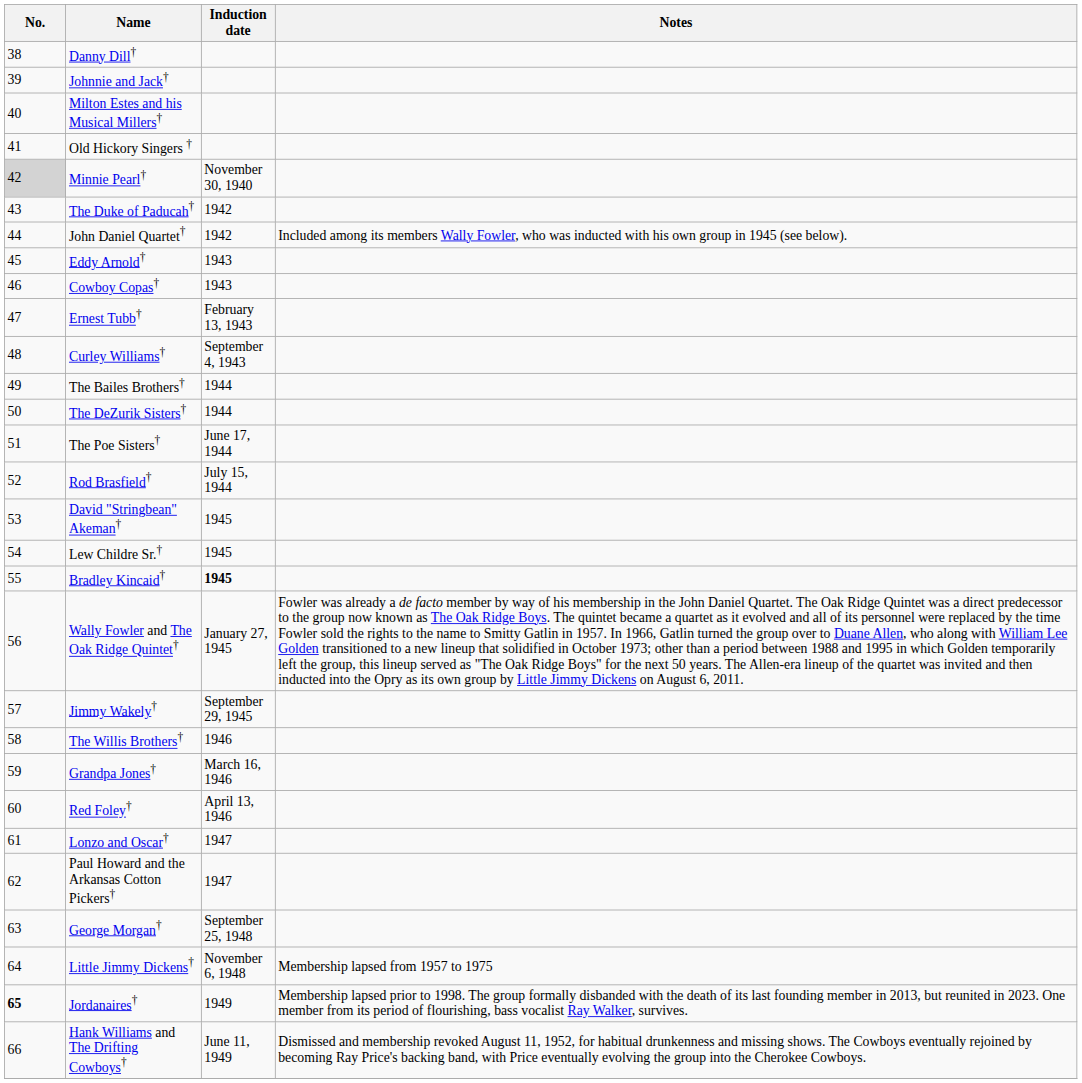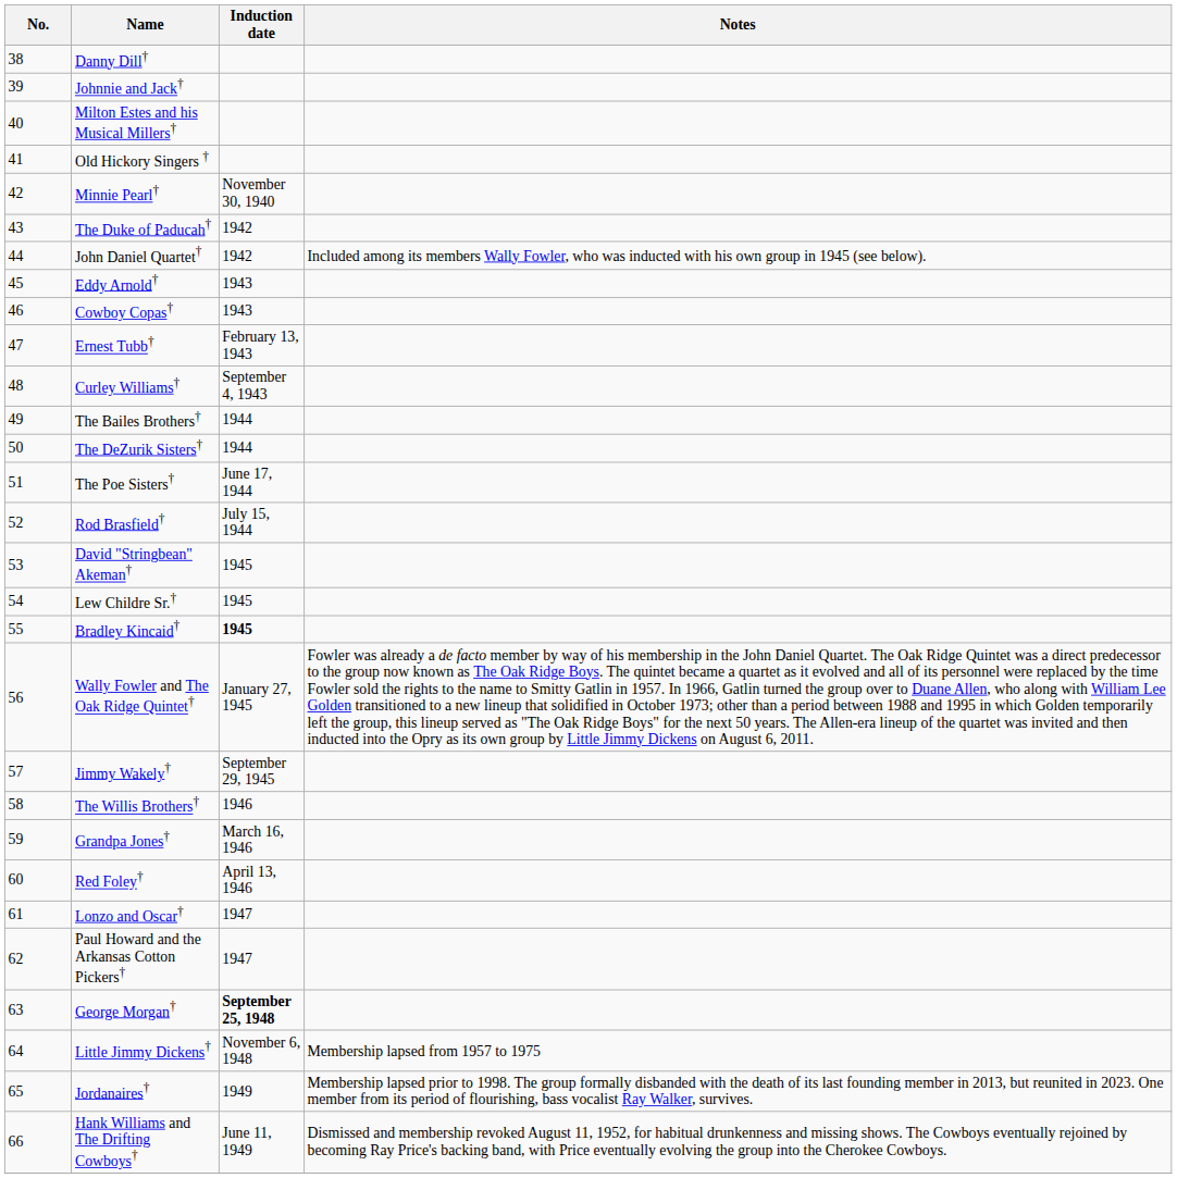 <table class="wikitable sortable">
 <tr>
 <th scope="col" style="width:4em;">No.</th>
 <th scope="col" style="width:150px;">Name</th>
 <th scope="col" class="unsortable" >Induction date</th>
 <th scope="col">Notes</th>
 </tr>
 <tr>
 <td>38</td>
 <td><a href='#'>Danny Dill</a><sup>†</sup></td>
 <td></td>
 <td></td>
 </tr>
 <tr>
 <td>39</td>
 <td><a href='#'>Johnnie and Jack</a><sup>†</sup></td>
 <td></td>
 <td></td>
 </tr>
 <tr>
 <td>40</td>
 <td><a href='#'>Milton Estes and his Musical Millers</a><sup>†</sup></td>
 <td></td>
 <td></td>
 </tr>
 <tr>
 <td>41</td>
 <td>Old Hickory Singers <sup>†</sup></td>
 <td></td>
 <td></td>
 </tr>
 <tr>
-<td style="background: lightgrey;">42</td>
+<td>42</td>
 <td><a href='#'>Minnie Pearl</a><sup>†</sup></td>
 <td>November 30, 1940</td>
 <td></td>
 </tr>
 <tr>
 <td>43</td>
 <td><a href='#'>The Duke of Paducah</a><sup>†</sup></td>
 <td>1942</td>
 <td></td>
 </tr>
 <tr>
 <td>44</td>
 <td>John Daniel Quartet<sup>†</sup></td>
 <td>1942</td>
 <td>Included among its members <a href='#'>Wally Fowler</a>, who was inducted with his own group in 1945 (see below).</td>
 </tr>
 <tr>
 <td>45</td>
 <td><a href='#'>Eddy Arnold</a><sup>†</sup></td>
 <td>1943</td>
 <td></td>
 </tr>
 <tr>
 <td>46</td>
 <td><a href='#'>Cowboy Copas</a><sup>†</sup></td>
 <td>1943</td>
 <td></td>
 </tr>
 <tr>
 <td>47</td>
 <td><a href='#'>Ernest Tubb</a><sup>†</sup></td>
 <td>February 13, 1943</td>
 <td></td>
 </tr>
 <tr>
 <td>48</td>
 <td><a href='#'>Curley Williams</a><sup>†</sup></td>
 <td>September 4, 1943</td>
 <td></td>
 </tr>
 <tr>
 <td>49</td>
 <td>The Bailes Brothers<sup>†</sup></td>
 <td>1944</td>
 <td></td>
 </tr>
 <tr>
 <td>50</td>
 <td><a href='#'>The DeZurik Sisters</a><sup>†</sup></td>
 <td>1944</td>
 <td></td>
 </tr>
 <tr>
 <td>51</td>
 <td>The Poe Sisters<sup>†</sup></td>
 <td>June 17, 1944</td>
 <td></td>
 </tr>
 <tr>
 <td>52</td>
 <td><a href='#'>Rod Brasfield</a><sup>†</sup></td>
 <td>July 15, 1944</td>
 <td></td>
 </tr>
 <tr>
 <td>53</td>
 <td><a href='#'>David "Stringbean" Akeman</a><sup>†</sup></td>
 <td>1945</td>
 <td></td>
 </tr>
 <tr>
 <td>54</td>
 <td>Lew Childre Sr.<sup>†</sup></td>
 <td>1945</td>
 <td></td>
 </tr>
 <tr>
 <td>55</td>
 <td><a href='#'>Bradley Kincaid</a><sup>†</sup></td>
 <td><strong>1945</strong></td>
 <td></td>
 </tr>
 <tr>
 <td>56</td>
 <td><a href='#'>Wally Fowler</a> and <a href='#'>The Oak Ridge Quintet</a><sup>†</sup></td>
 <td>January 27, 1945</td>
 <td>Fowler was already a <em>de facto</em> member by way of his membership in the John Daniel Quartet. The Oak Ridge Quintet was a direct predecessor to the group now known as <a href='#'>The Oak Ridge Boys</a>. The quintet became a quartet as it evolved and all of its personnel were replaced by the time Fowler sold the rights to the name to Smitty Gatlin in 1957. In 1966, Gatlin turned the group over to <a href='#'>Duane Allen</a>, who along with <a href='#'>William Lee Golden</a> transitioned to a new lineup that solidified in October 1973; other than a period between 1988 and 1995 in which Golden temporarily left the group, this lineup served as "The Oak Ridge Boys" for the next 50 years. The Allen-era lineup of the quartet was invited and then inducted into the Opry as its own group by <a href='#'>Little Jimmy Dickens</a> on August 6, 2011.</td>
 </tr>
 <tr>
 <td>57</td>
 <td><a href='#'>Jimmy Wakely</a><sup>†</sup></td>
 <td>September 29, 1945</td>
 <td></td>
 </tr>
 <tr>
 <td>58</td>
 <td><a href='#'>The Willis Brothers</a><sup>†</sup></td>
 <td>1946</td>
 <td></td>
 </tr>
 <tr>
 <td>59</td>
 <td><a href='#'>Grandpa Jones</a><sup>†</sup></td>
 <td>March 16, 1946</td>
 <td></td>
 </tr>
 <tr>
 <td>60</td>
 <td><a href='#'>Red Foley</a><sup>†</sup></td>
 <td>April 13, 1946</td>
 <td></td>
 </tr>
 <tr>
 <td>61</td>
 <td><a href='#'>Lonzo and Oscar</a><sup>†</sup></td>
 <td>1947</td>
 <td></td>
 </tr>
 <tr>
 <td>62</td>
 <td>Paul Howard and the Arkansas Cotton Pickers<sup>†</sup></td>
 <td>1947</td>
 <td></td>
 </tr>
 <tr>
 <td>63</td>
 <td><a href='#'>George Morgan</a><sup>†</sup></td>
-<td>September 25, 1948</td>
+<td><strong>September 25, 1948</strong></td>
 <td></td>
 </tr>
 <tr>
 <td>64</td>
 <td><a href='#'>Little Jimmy Dickens</a><sup>†</sup></td>
 <td>November 6, 1948</td>
 <td>Membership lapsed from 1957 to 1975</td>
 </tr>
 <tr>
-<td><strong>65</strong></td>
+<td>65</td>
 <td><a href='#'>Jordanaires</a><sup>†</sup></td>
 <td>1949</td>
 <td>Membership lapsed prior to 1998. The group formally disbanded with the death of its last founding member in 2013, but reunited in 2023. One member from its period of flourishing, bass vocalist <a href='#'>Ray Walker</a>, survives.</td>
 </tr>
 <tr>
 <td>66</td>
 <td><a href='#'>Hank Williams</a> and <a href='#'>The Drifting Cowboys</a><sup>†</sup></td>
 <td>June 11, 1949</td>
 <td>Dismissed and membership revoked August 11, 1952, for habitual drunkenness and missing shows. The Cowboys eventually rejoined by becoming Ray Price's backing band, with Price eventually evolving the group into the Cherokee Cowboys.</td>
 </tr>
 <tr>
 </tr>
 </table>
